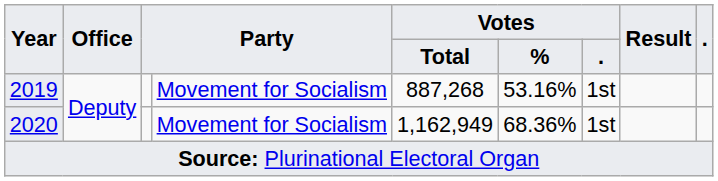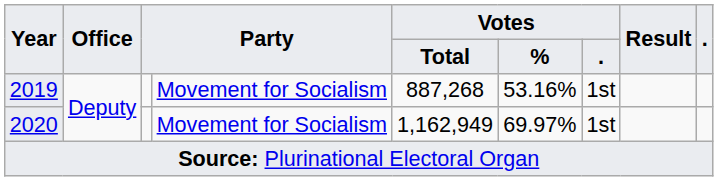 <table class="wikitable" style="font-size:90%; text-align:center;">
 <tr>
 <th style="background-color:#EAECF0;" rowspan=2>Year</th>
 <th style="background-color:#EAECF0;" rowspan=2>Office</th>
 <th style="background-color:#EAECF0;" colspan=2 rowspan=2>Party</th>
 <th style="background-color:#EAECF0;" colspan=3>Votes</th>
 <th style="background-color:#EAECF0;" rowspan=2>Result</th>
 <th style="background-color:#EAECF0;" rowspan=2>.</th>
 </tr>
 <tr>
 <th style="background-color:#EAECF0;">Total</th>
 <th style="background-color:#EAECF0;">%</th>
 <th style="background-color:#EAECF0;">.</th>
 </tr>
 <tr>
 <td style="background-color:#EAECF0;"><a href='#'>2019</a></td>
 <td rowspan=2><a href='#'>Deputy</a></td>
 <td style="background-color:"></td>
 <td><a href='#'>Movement for Socialism</a></td>
 <td>887,268</td>
 <td>53.16%</td>
 <td>1st</td>
 <td></td>
 <td></td>
 </tr>
 <tr>
 <td style="background-color:#EAECF0;"><a href='#'>2020</a></td>
 <td style="background-color:"></td>
 <td><a href='#'>Movement for Socialism</a></td>
 <td>1,162,949</td>
-<td>68.36%</td>
+<td>69.97%</td>
 <td>1st</td>
 <td></td>
 <td></td>
 </tr>
 <tr>
 <td style="background-color:#EAECF0;" colspan=9><strong>Source:</strong> <a href='#'>Plurinational Electoral Organ</a>  </td>
 </tr>
 </table>
